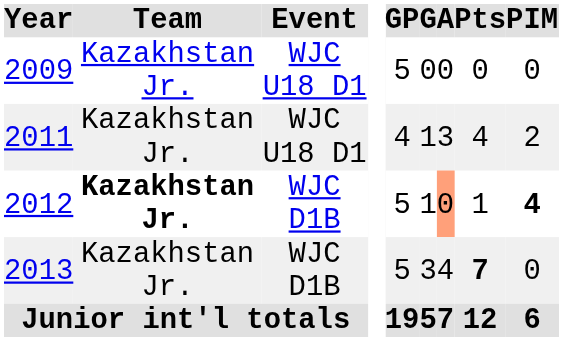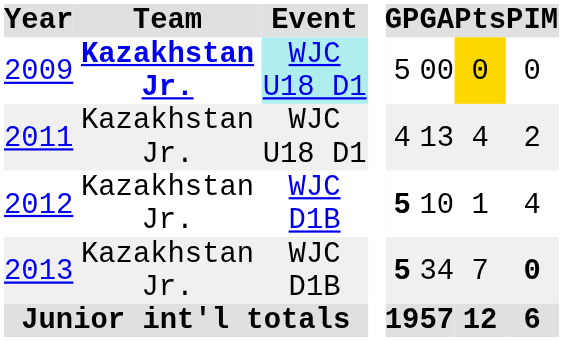 <table BORDER="0" CELLPADDING="0" CELLSPACING="0" width="40%">
 <tr ALIGN="center" bgcolor="#e0e0e0">
 <th>Year</th>
 <th>Team</th>
 <th>Event</th>
 <th ALIGN="center" rowspan="99" bgcolor="#ffffff"> </th>
 <th>GP</th>
 <th>G</th>
 <th>A</th>
 <th>Pts</th>
 <th>PIM</th>
 </tr>
 <tr ALIGN="center">
 <td><a href='#'>2009</a></td>
-<td><a href='#'>Kazakhstan Jr.</a></td>
-<td><a href='#'>WJC U18 D1</a></td>
+<td><strong><a href='#'>Kazakhstan Jr.</a></strong></td>
+<td style="background: paleturquoise;"><a href='#'>WJC U18 D1</a></td>
 <td>5</td>
 <td>0</td>
 <td>0</td>
-<td>0</td>
+<td style="background: gold;">0</td>
 <td>0</td>
 </tr>
 <tr ALIGN="center" bgcolor="#f0f0f0">
 <td><a href='#'>2011</a></td>
 <td>Kazakhstan Jr.</td>
 <td>WJC U18 D1</td>
 <td>4</td>
 <td>1</td>
 <td>3</td>
 <td>4</td>
 <td>2</td>
 </tr>
 <tr ALIGN="center">
 <td><a href='#'>2012</a></td>
-<td><strong>Kazakhstan Jr.</strong></td>
+<td>Kazakhstan Jr.</td>
 <td><a href='#'>WJC D1B</a></td>
-<td>5</td>
+<td><strong>5</strong></td>
 <td>1</td>
-<td style="background: lightsalmon;">0</td>
+<td>0</td>
 <td>1</td>
-<td><strong>4</strong></td>
+<td>4</td>
 </tr>
 <tr ALIGN="center" bgcolor="#f0f0f0">
 <td><a href='#'>2013</a></td>
 <td>Kazakhstan Jr.</td>
 <td>WJC D1B</td>
-<td>5</td>
+<td><strong>5</strong></td>
 <td>3</td>
 <td>4</td>
-<td><strong>7</strong></td>
-<td>0</td>
+<td>7</td>
+<td><strong>0</strong></td>
 </tr>
 <tr style="text-align:center; background:#e0e0e0;">
 <th colspan=3>Junior int'l totals</th>
 <th>19</th>
 <th>5</th>
 <th>7</th>
 <th>12</th>
 <th>6</th>
 </tr>
 </table>
